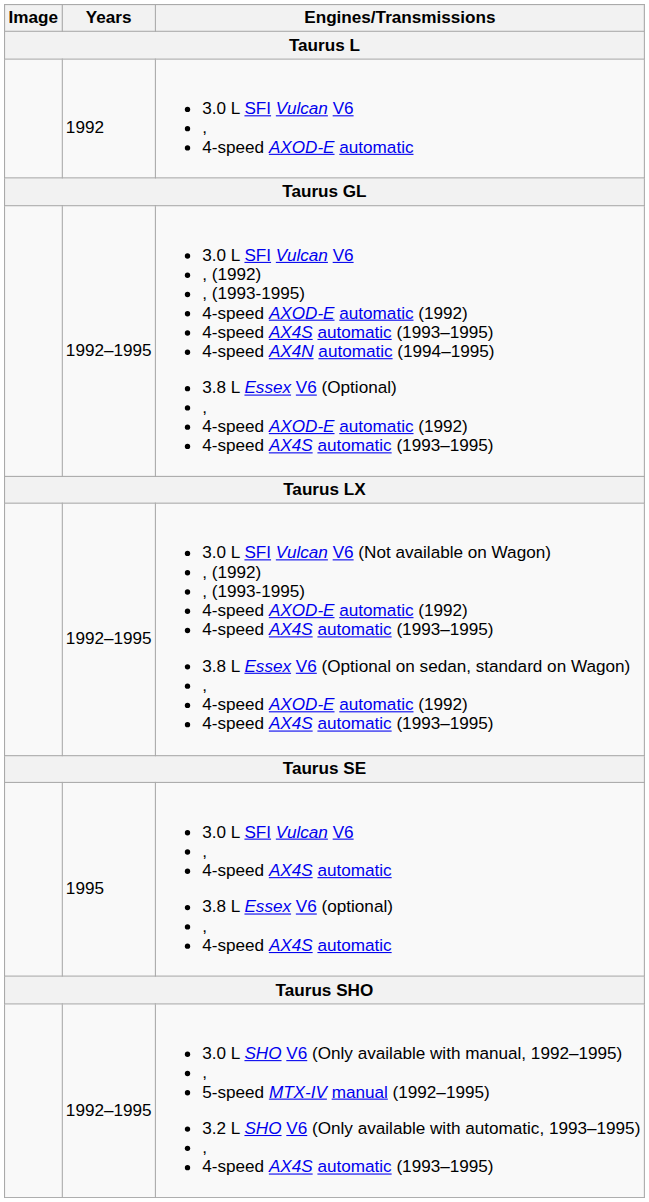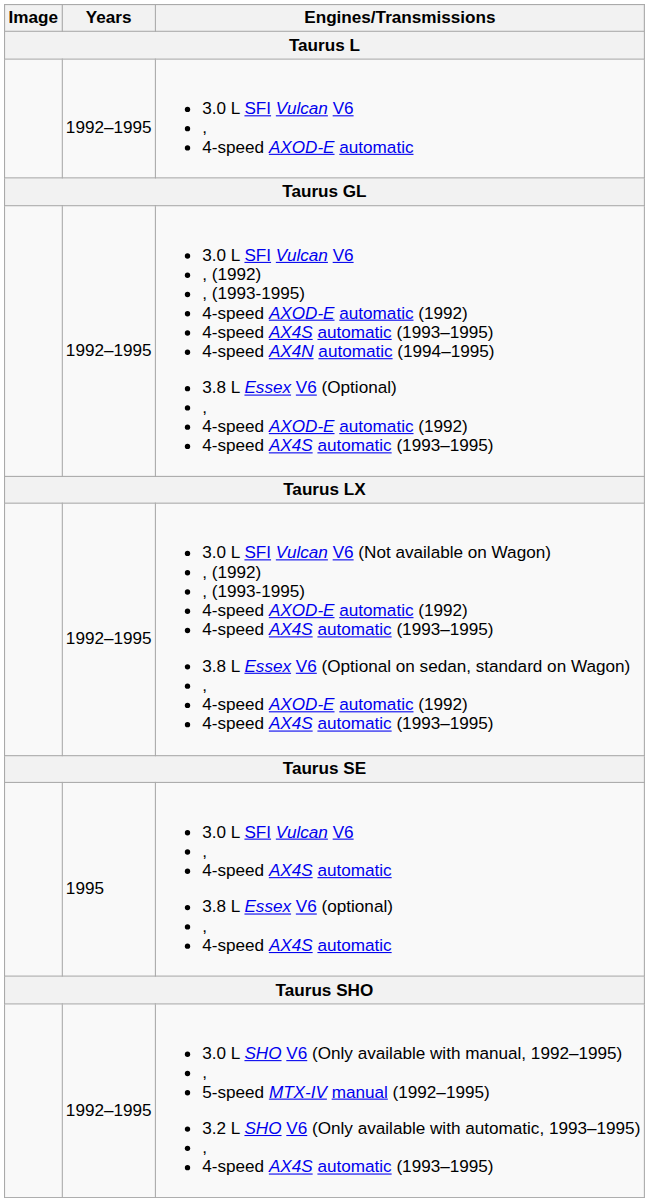 <table class="wikitable">
 <tr style="background:#CCCCCC;">
 <th>Image</th>
 <th>Years</th>
 <th>Engines/Transmissions</th>
 </tr>
 <tr>
 <th colspan=3 style= "textalign:center">Taurus L</th>
 </tr>
 <tr>
 <td></td>
-<td><br>1992</td>
+<td><br>1992–1995</td>
 <td><br><ul><li>3.0 L <a href='#'>SFI</a> <em><a href='#'>Vulcan</a></em> <a href='#'>V6</a></li><li>, </li><li>4-speed <em><a href='#'>AXOD-E</a></em> <a href='#'>automatic</a></li></ul></td>
 </tr>
 <tr>
 <th colspan=3 style= "textalign:center">Taurus GL</th>
 </tr>
 <tr>
 <td></td>
 <td><br>1992–1995</td>
 <td><br><ul><li>3.0 L <a href='#'>SFI</a> <em><a href='#'>Vulcan</a></em> <a href='#'>V6</a></li><li>,  (1992)</li><li>,  (1993-1995)</li><li>4-speed <em><a href='#'>AXOD-E</a></em> <a href='#'>automatic</a> (1992)</li><li>4-speed <em><a href='#'>AX4S</a></em> <a href='#'>automatic</a> (1993–1995)</li><li>4-speed <em><a href='#'>AX4N</a></em> <a href='#'>automatic</a> (1994–1995)</li></ul><ul><li>3.8 L <em><a href='#'>Essex</a></em> <a href='#'>V6</a> (Optional)</li><li>, </li><li>4-speed <em><a href='#'>AXOD-E</a></em> <a href='#'>automatic</a> (1992)</li><li>4-speed <em><a href='#'>AX4S</a></em> <a href='#'>automatic</a> (1993–1995)</li></ul></td>
 </tr>
 <tr>
 <th colspan=3 style= "textalign:center">Taurus LX</th>
 </tr>
 <tr>
 <td></td>
 <td><br>1992–1995</td>
 <td><br><ul><li>3.0 L <a href='#'>SFI</a> <em><a href='#'>Vulcan</a></em> <a href='#'>V6</a> (Not available on Wagon)</li><li>,  (1992)</li><li>,  (1993-1995)</li><li>4-speed <em><a href='#'>AXOD-E</a></em> <a href='#'>automatic</a> (1992)</li><li>4-speed <em><a href='#'>AX4S</a></em> <a href='#'>automatic</a> (1993–1995)</li></ul><ul><li>3.8 L <em><a href='#'>Essex</a></em> <a href='#'>V6</a> (Optional on sedan, standard on Wagon)</li><li>, </li><li>4-speed <em><a href='#'>AXOD-E</a></em> <a href='#'>automatic</a> (1992)</li><li>4-speed <em><a href='#'>AX4S</a></em> <a href='#'>automatic</a> (1993–1995)</li></ul></td>
 </tr>
 <tr>
 <th colspan=3 style= "textalign:center">Taurus SE</th>
 </tr>
 <tr>
 <td></td>
 <td><br>1995</td>
 <td><br><ul><li>3.0 L <a href='#'>SFI</a> <em><a href='#'>Vulcan</a></em> <a href='#'>V6</a></li><li>, </li><li>4-speed <em><a href='#'>AX4S</a></em> <a href='#'>automatic</a></li></ul><ul><li>3.8 L <em><a href='#'>Essex</a></em> <a href='#'>V6</a>  (optional)</li><li>, </li><li>4-speed <em><a href='#'>AX4S</a></em> <a href='#'>automatic</a></li></ul></td>
 </tr>
 <tr>
 <th colspan=3 style= "textalign:center">Taurus SHO</th>
 </tr>
 <tr>
 <td></td>
 <td><br>1992–1995</td>
 <td><br><ul><li>3.0 L <em><a href='#'>SHO</a></em> <a href='#'>V6</a> (Only available with manual, 1992–1995)</li><li>, </li><li>5-speed <em><a href='#'>MTX-IV</a></em> <a href='#'>manual</a> (1992–1995)</li></ul><ul><li>3.2 L <em><a href='#'>SHO</a></em> <a href='#'>V6</a> (Only available with automatic, 1993–1995)</li><li>, </li><li>4-speed <em><a href='#'>AX4S</a></em> <a href='#'>automatic</a> (1993–1995)</li></ul></td>
 </tr>
 </table>
